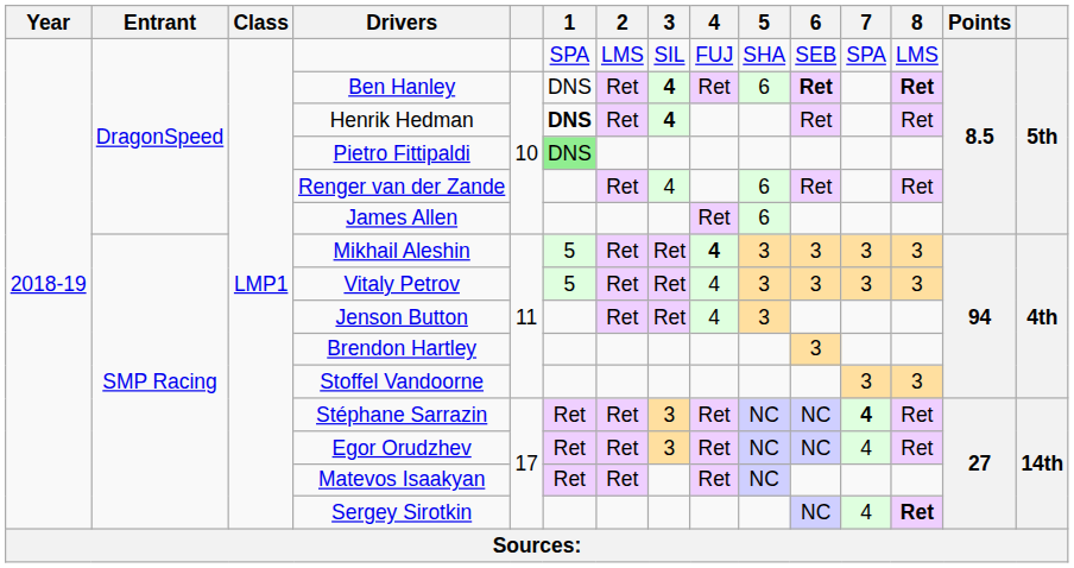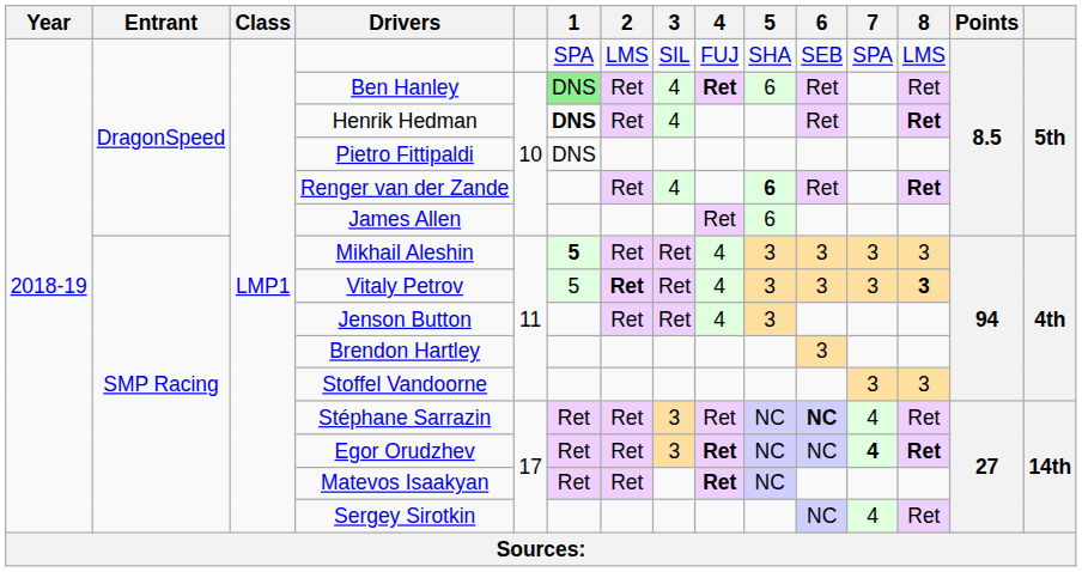 <table class="wikitable" style="text-align:center; font-size:90%">
 <tr>
 <th>Year</th>
 <th>Entrant</th>
 <th>Class</th>
 <th>Drivers</th>
 <th></th>
 <th>1</th>
 <th>2</th>
 <th>3</th>
 <th>4</th>
 <th>5</th>
 <th>6</th>
 <th>7</th>
 <th>8</th>
 <th>Points</th>
 <th></th>
 </tr>
 <tr>
 <td rowspan="15"><a href='#'>2018-19</a></td>
 <td rowspan="6"><a href='#'>DragonSpeed</a></td>
 <td rowspan="15"><a href='#'>LMP1</a></td>
 <td></td>
 <td></td>
 <td><a href='#'>SPA</a></td>
 <td><a href='#'>LMS</a></td>
 <td><a href='#'>SIL</a></td>
 <td><a href='#'>FUJ</a></td>
 <td><a href='#'>SHA</a></td>
 <td><a href='#'>SEB</a></td>
 <td><a href='#'>SPA</a></td>
 <td><a href='#'>LMS</a></td>
 <th rowspan="6"><strong>8.5</strong></th>
 <th rowspan="6"><strong>5th</strong></th>
 </tr>
 <tr>
 <td> <a href='#'>Ben Hanley</a></td>
 <td rowspan="5">10</td>
-<td>DNS</td>
+<td style="background: lightgreen;">DNS</td>
 <td style="background:#efcfff">Ret</td>
-<td style="background:#DFFFDF;"><strong>4</strong></td>
+<td style="background:#DFFFDF;">4</td>
+<td style="background:#efcfff"><strong>Ret</strong></td>
+<td style="background:#DFFFDF;">6</td>
 <td style="background:#efcfff">Ret</td>
-<td style="background:#DFFFDF;">6</td>
-<td style="background:#efcfff"><strong>Ret</strong></td>
 <td></td>
-<td style="background:#efcfff"><strong>Ret</strong></td>
+<td style="background:#efcfff">Ret</td>
 </tr>
 <tr>
 <td> Henrik Hedman</td>
 <td><strong>DNS</strong></td>
 <td style="background:#efcfff">Ret</td>
-<td style="background:#DFFFDF;"><strong>4</strong></td>
+<td style="background:#DFFFDF;">4</td>
 <td></td>
 <td></td>
 <td style="background:#efcfff">Ret</td>
 <td></td>
-<td style="background:#efcfff">Ret</td>
+<td style="background:#efcfff"><strong>Ret</strong></td>
 </tr>
 <tr>
 <td> <a href='#'>Pietro Fittipaldi</a></td>
-<td style="background: lightgreen;">DNS</td>
+<td>DNS</td>
 <td></td>
 <td></td>
 <td></td>
 <td></td>
 <td></td>
 <td></td>
 <td></td>
 </tr>
 <tr>
 <td> <a href='#'>Renger van der Zande</a></td>
 <td></td>
 <td style="background:#efcfff">Ret</td>
 <td style="background:#DFFFDF;">4</td>
 <td></td>
-<td style="background:#DFFFDF;">6</td>
+<td style="background:#DFFFDF;"><strong>6</strong></td>
 <td style="background:#efcfff">Ret</td>
 <td></td>
-<td style="background:#efcfff">Ret</td>
+<td style="background:#efcfff"><strong>Ret</strong></td>
 </tr>
 <tr>
 <td> <a href='#'>James Allen</a></td>
 <td></td>
 <td></td>
 <td></td>
 <td style="background:#efcfff">Ret</td>
 <td style="background:#DFFFDF;">6</td>
 <td></td>
 <td></td>
 <td></td>
 </tr>
 <tr>
 <td rowspan="9"><a href='#'>SMP Racing</a></td>
 <td> <a href='#'>Mikhail Aleshin</a></td>
 <td rowspan="5">11</td>
-<td style="background:#DFFFDF;">5</td>
+<td style="background:#DFFFDF;"><strong>5</strong></td>
 <td style="background:#efcfff">Ret</td>
 <td style="background:#efcfff">Ret</td>
-<td style="background:#DFFFDF;"><strong>4</strong></td>
+<td style="background:#DFFFDF;">4</td>
 <td style="background:#FFDF9F;">3</td>
 <td style="background:#FFDF9F;">3</td>
 <td style="background:#FFDF9F;">3</td>
 <td style="background:#FFDF9F;">3</td>
 <th rowspan="5"><strong>94</strong></th>
 <th rowspan="5"><strong>4th</strong></th>
 </tr>
 <tr>
 <td> <a href='#'>Vitaly Petrov</a></td>
 <td style="background:#DFFFDF;">5</td>
-<td style="background:#efcfff">Ret</td>
+<td style="background:#efcfff"><strong>Ret</strong></td>
 <td style="background:#efcfff">Ret</td>
 <td style="background:#DFFFDF;">4</td>
 <td style="background:#FFDF9F;">3</td>
 <td style="background:#FFDF9F;">3</td>
 <td style="background:#FFDF9F;">3</td>
-<td style="background:#FFDF9F;">3</td>
+<td style="background:#FFDF9F;"><strong>3</strong></td>
 </tr>
 <tr>
 <td> <a href='#'>Jenson Button</a></td>
 <td></td>
 <td style="background:#efcfff">Ret</td>
 <td style="background:#efcfff">Ret</td>
 <td style="background:#DFFFDF;">4</td>
 <td style="background:#FFDF9F;">3</td>
 <td></td>
 <td></td>
 <td></td>
 </tr>
 <tr>
 <td> <a href='#'>Brendon Hartley</a></td>
 <td></td>
 <td></td>
 <td></td>
 <td></td>
 <td></td>
 <td style="background:#FFDF9F;">3</td>
 <td></td>
 <td></td>
 </tr>
 <tr>
 <td> <a href='#'>Stoffel Vandoorne</a></td>
 <td></td>
 <td></td>
 <td></td>
 <td></td>
 <td></td>
 <td></td>
 <td style="background:#FFDF9F;">3</td>
 <td style="background:#FFDF9F;">3</td>
 </tr>
 <tr>
 <td> <a href='#'>Stéphane Sarrazin</a></td>
 <td rowspan="4">17</td>
 <td style="background:#efcfff">Ret</td>
 <td style="background:#efcfff">Ret</td>
 <td style="background:#FFDF9F;">3</td>
 <td style="background:#efcfff">Ret</td>
 <td style="background:#CFCFFF;”">NC</td>
-<td style="background:#CFCFFF;”">NC</td>
-<td style="background:#DFFFDF;"><strong>4</strong></td>
+<td style="background:#CFCFFF;”"><strong>NC</strong></td>
+<td style="background:#DFFFDF;">4</td>
 <td style="background:#efcfff">Ret</td>
 <th rowspan="4"><strong>27</strong></th>
 <th rowspan="4"><strong>14th</strong></th>
 </tr>
 <tr>
 <td> <a href='#'>Egor Orudzhev</a></td>
 <td style="background:#efcfff">Ret</td>
 <td style="background:#efcfff">Ret</td>
 <td style="background:#FFDF9F;">3</td>
-<td style="background:#efcfff">Ret</td>
+<td style="background:#efcfff"><strong>Ret</strong></td>
 <td style="background:#CFCFFF;”">NC</td>
 <td style="background:#CFCFFF;”">NC</td>
-<td style="background:#DFFFDF;">4</td>
-<td style="background:#efcfff">Ret</td>
+<td style="background:#DFFFDF;"><strong>4</strong></td>
+<td style="background:#efcfff"><strong>Ret</strong></td>
 </tr>
 <tr>
 <td> <a href='#'>Matevos Isaakyan</a></td>
 <td style="background:#efcfff">Ret</td>
 <td style="background:#efcfff">Ret</td>
 <td></td>
-<td style="background:#efcfff">Ret</td>
+<td style="background:#efcfff"><strong>Ret</strong></td>
 <td style="background:#CFCFFF;”">NC</td>
 <td></td>
 <td></td>
 <td></td>
 </tr>
 <tr>
 <td> <a href='#'>Sergey Sirotkin</a></td>
 <td></td>
 <td></td>
 <td></td>
 <td></td>
 <td></td>
 <td style="background:#CFCFFF;”">NC</td>
 <td style="background:#DFFFDF;">4</td>
-<td style="background:#efcfff"><strong>Ret</strong></td>
+<td style="background:#efcfff">Ret</td>
 </tr>
 <tr>
 <th colspan="15">Sources:</th>
 </tr>
 </table>
